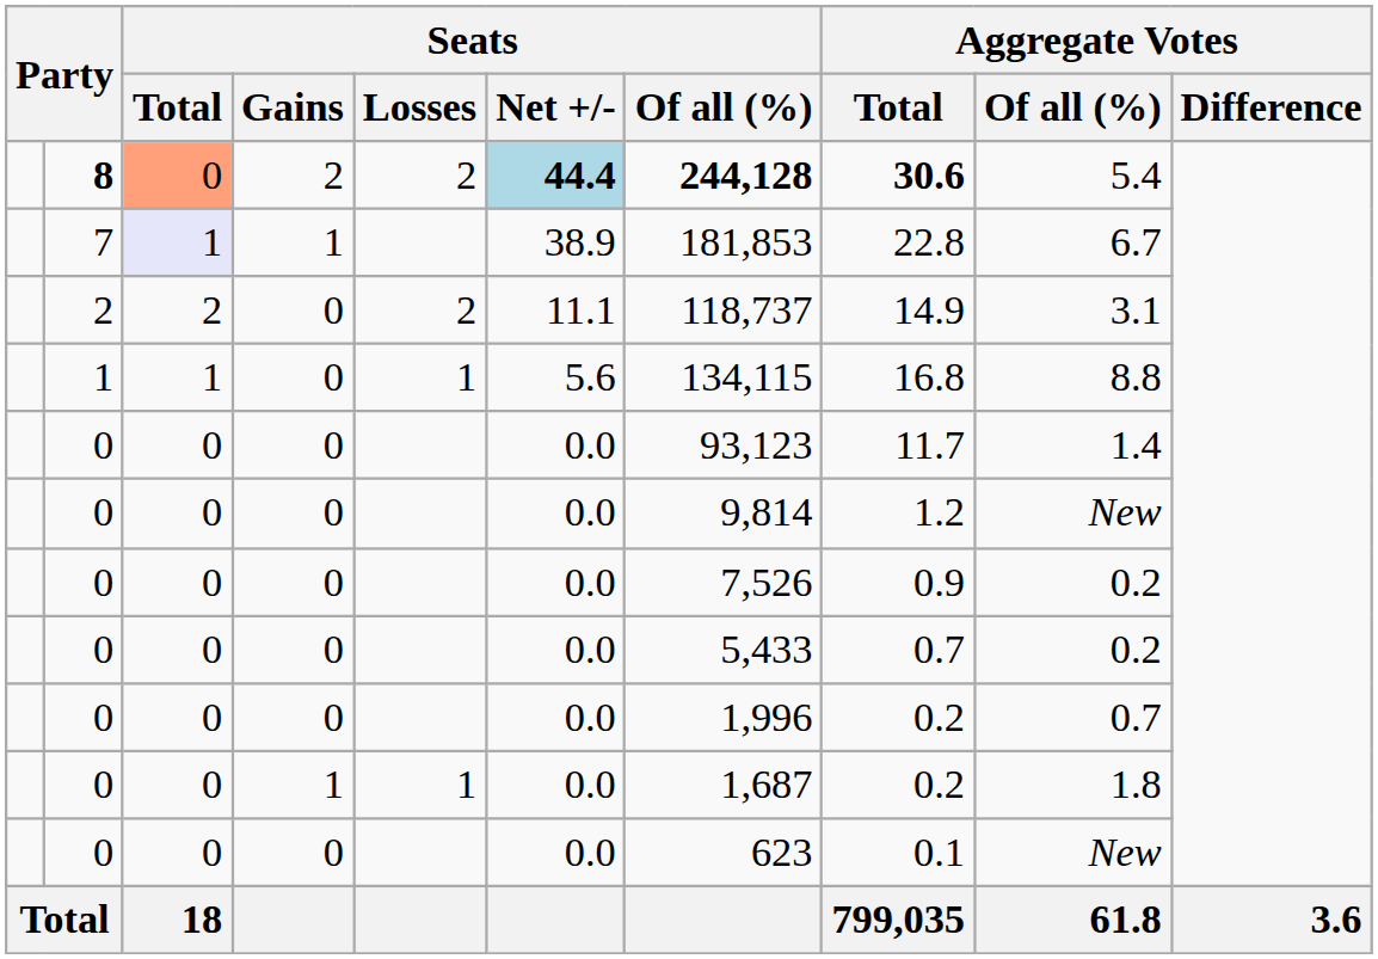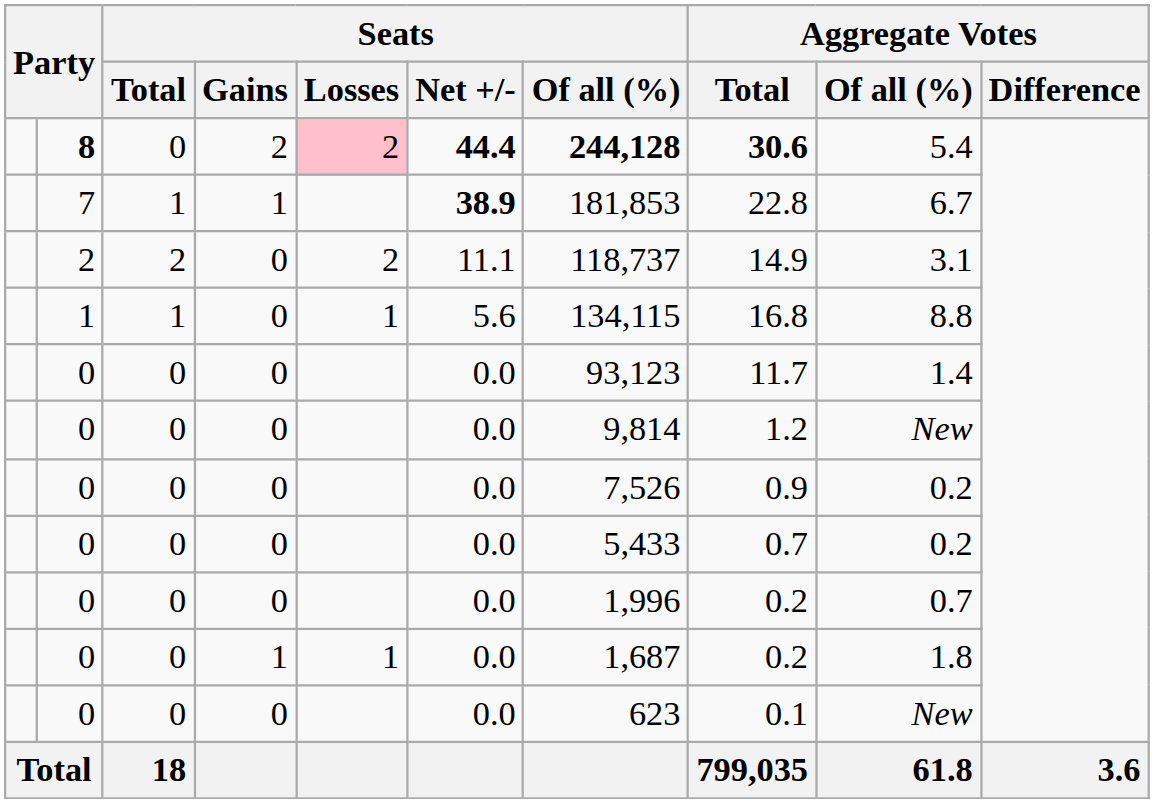 <table class="wikitable sortable" style="text-align:right; font-size:95%;">
 <tr>
 <th colspan="2" rowspan="2">Party</th>
 <th colspan="5">Seats</th>
 <th colspan="3">Aggregate Votes</th>
 </tr>
 <tr>
 <th>Total</th>
 <th>Gains</th>
 <th>Losses</th>
 <th>Net +/-</th>
 <th>Of all (%)</th>
 <th>Total</th>
 <th>Of all (%)</th>
 <th>Difference</th>
 </tr>
 <tr>
 <td></td>
 <td><strong>8</strong></td>
-<td style="background: lightsalmon;">0</td>
+<td>0</td>
 <td>2</td>
-<td>2</td>
-<td style="background: lightblue;"><strong>44.4</strong></td>
+<td style="background: pink;">2</td>
+<td><strong>44.4</strong></td>
 <td><strong>244,128</strong></td>
 <td><strong>30.6</strong></td>
 <td>5.4</td>
 </tr>
 <tr>
 <td></td>
 <td>7</td>
-<td style="background: lavender;">1</td>
+<td>1</td>
 <td>1</td>
 <td></td>
-<td>38.9</td>
+<td><strong>38.9</strong></td>
 <td>181,853</td>
 <td>22.8</td>
 <td>6.7</td>
 </tr>
 <tr>
 <td></td>
 <td>2</td>
 <td>2</td>
 <td>0</td>
 <td>2</td>
 <td>11.1</td>
 <td>118,737</td>
 <td>14.9</td>
 <td>3.1</td>
 </tr>
 <tr>
 <td></td>
 <td>1</td>
 <td>1</td>
 <td>0</td>
 <td>1</td>
 <td>5.6</td>
 <td>134,115</td>
 <td>16.8</td>
 <td>8.8</td>
 </tr>
 <tr>
 <td></td>
 <td>0</td>
 <td>0</td>
 <td>0</td>
 <td></td>
 <td>0.0</td>
 <td>93,123</td>
 <td>11.7</td>
 <td>1.4</td>
 </tr>
 <tr>
 <td></td>
 <td>0</td>
 <td>0</td>
 <td>0</td>
 <td></td>
 <td>0.0</td>
 <td>9,814</td>
 <td>1.2</td>
 <td><em>New</em></td>
 </tr>
 <tr>
 <td></td>
 <td>0</td>
 <td>0</td>
 <td>0</td>
 <td></td>
 <td>0.0</td>
 <td>7,526</td>
 <td>0.9</td>
 <td>0.2</td>
 </tr>
 <tr>
 <td></td>
 <td>0</td>
 <td>0</td>
 <td>0</td>
 <td></td>
 <td>0.0</td>
 <td>5,433</td>
 <td>0.7</td>
 <td>0.2</td>
 </tr>
 <tr>
 <td></td>
 <td>0</td>
 <td>0</td>
 <td>0</td>
 <td></td>
 <td>0.0</td>
 <td>1,996</td>
 <td>0.2</td>
 <td>0.7</td>
 </tr>
 <tr>
 <td></td>
 <td>0</td>
 <td>0</td>
 <td>1</td>
 <td>1</td>
 <td>0.0</td>
 <td>1,687</td>
 <td>0.2</td>
 <td>1.8</td>
 </tr>
 <tr>
 <td></td>
 <td>0</td>
 <td>0</td>
 <td>0</td>
 <td></td>
 <td>0.0</td>
 <td>623</td>
 <td>0.1</td>
 <td><em>New</em></td>
 </tr>
 <tr class="sortbottom">
 <th colspan="2" style="background:#f2f2f2"><strong>Total</strong></th>
 <td style="background:#f2f2f2;"><strong>18</strong></td>
 <td style="background:#f2f2f2;"></td>
 <td style="background:#f2f2f2;"></td>
 <td style="background:#f2f2f2;"></td>
 <td style="background:#f2f2f2;"></td>
 <td style="background:#f2f2f2;"><strong>799,035</strong></td>
 <td style="background:#f2f2f2;"><strong>61.8</strong></td>
 <td style="background:#f2f2f2;"><strong>3.6</strong></td>
 </tr>
 </table>
